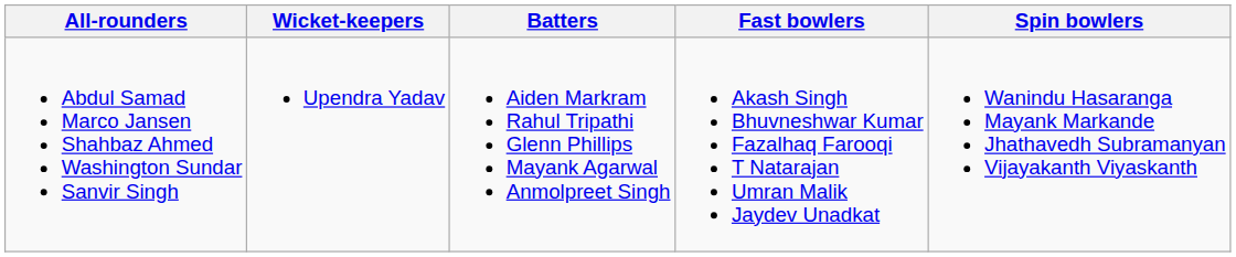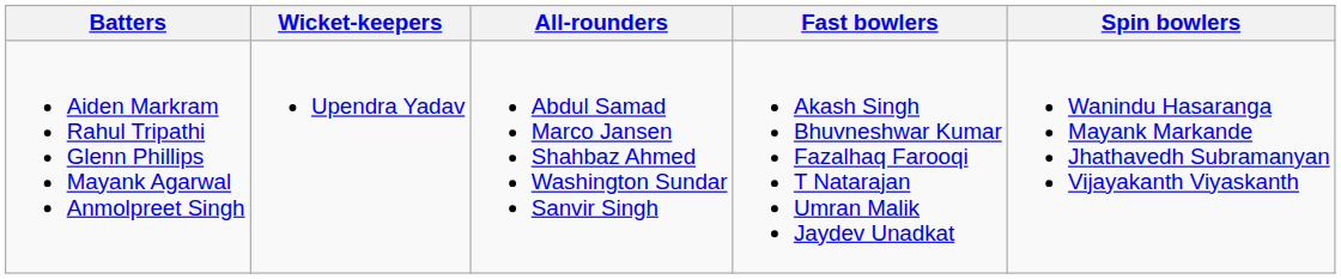 <table class="wikitable">
 <tr>
+<th><a href='#'>Batters</a></th>
+<th><a href='#'>Wicket-keepers</a></th>
 <th><a href='#'>All-rounders</a></th>
-<th><a href='#'>Wicket-keepers</a></th>
-<th><a href='#'>Batters</a></th>
 <th><a href='#'>Fast bowlers</a></th>
 <th><a href='#'>Spin bowlers</a></th>
 </tr>
 <tr>
+<td valign="top"><br><ul><li><a href='#'>Aiden Markram</a></li><li><a href='#'>Rahul Tripathi</a></li><li><a href='#'>Glenn Phillips</a></li><li><a href='#'>Mayank Agarwal</a></li><li><a href='#'>Anmolpreet Singh</a></li></ul></td>
+<td valign="top"><br><ul><li><a href='#'>Upendra Yadav</a></li></ul></td>
 <td valign="top"><br><ul><li><a href='#'>Abdul Samad</a></li><li><a href='#'>Marco Jansen</a></li><li><a href='#'>Shahbaz Ahmed</a></li><li><a href='#'>Washington Sundar</a></li><li><a href='#'>Sanvir Singh</a></li></ul></td>
-<td valign="top"><br><ul><li><a href='#'>Upendra Yadav</a></li></ul></td>
-<td valign="top"><br><ul><li><a href='#'>Aiden Markram</a></li><li><a href='#'>Rahul Tripathi</a></li><li><a href='#'>Glenn Phillips</a></li><li><a href='#'>Mayank Agarwal</a></li><li><a href='#'>Anmolpreet Singh</a></li></ul></td>
 <td valign="top"><br><ul><li><a href='#'>Akash Singh</a></li><li><a href='#'>Bhuvneshwar Kumar</a></li><li><a href='#'>Fazalhaq Farooqi</a></li><li><a href='#'>T Natarajan</a></li><li><a href='#'>Umran Malik</a></li><li><a href='#'>Jaydev Unadkat</a></li></ul></td>
 <td valign="top"><br><ul><li><a href='#'>Wanindu Hasaranga</a></li><li><a href='#'>Mayank Markande</a></li><li><a href='#'>Jhathavedh Subramanyan</a></li><li><a href='#'>Vijayakanth Viyaskanth</a></li></ul></td>
 </tr>
 </table>
